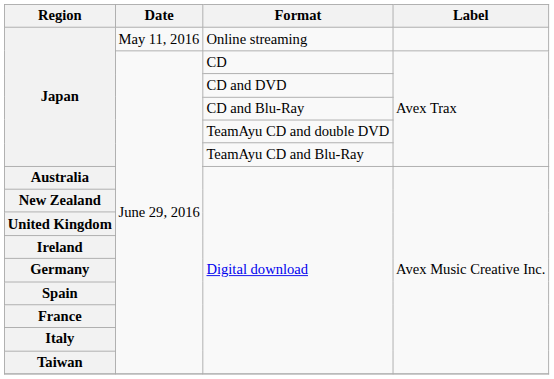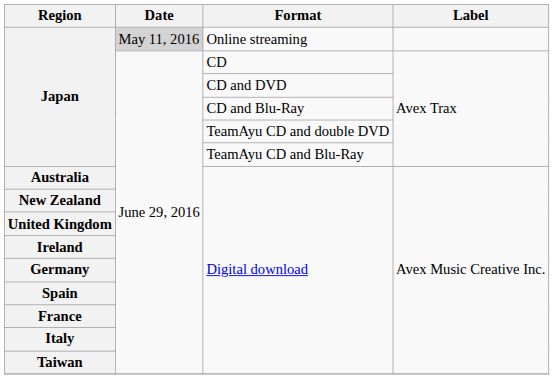 <table class="wikitable plainrowheaders">
 <tr>
 <th scope="col">Region</th>
 <th scope="col">Date</th>
 <th scope="col">Format</th>
 <th scope="col">Label</th>
 </tr>
 <tr>
 <th scope="row" rowspan="7">Japan</th>
-<td>May 11, 2016</td>
+<td style="background: lightgrey;">May 11, 2016</td>
 <td>Online streaming</td>
 <td></td>
 </tr>
 <tr>
 <td rowspan="15">June 29, 2016</td>
 <td>CD</td>
 <td rowspan="5">Avex Trax</td>
 </tr>
 <tr>
 <td>CD and DVD</td>
 </tr>
 <tr>
 <td>CD and Blu-Ray</td>
 </tr>
 <tr>
 <td>TeamAyu CD and double DVD</td>
 </tr>
 <tr>
 <td>TeamAyu CD and Blu-Ray</td>
 </tr>
 <tr>
 <td rowspan="10"><a href='#'>Digital download</a></td>
 <td rowspan="10">Avex Music Creative Inc.</td>
 </tr>
 <tr>
 <th scope="row">Australia</th>
 </tr>
 <tr>
 <th scope="row">New Zealand</th>
 </tr>
 <tr>
 <th scope="row">United Kingdom</th>
 </tr>
 <tr>
 <th scope="row">Ireland</th>
 </tr>
 <tr>
 <th scope="row">Germany</th>
 </tr>
 <tr>
 <th scope="row">Spain</th>
 </tr>
 <tr>
 <th scope="row">France</th>
 </tr>
 <tr>
 <th scope="row">Italy</th>
 </tr>
 <tr>
 <th scope="row">Taiwan</th>
 </tr>
 <tr>
 </tr>
 </table>
